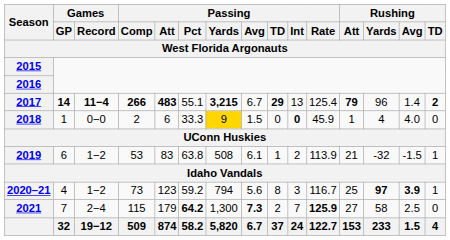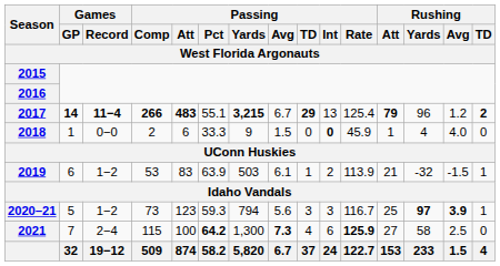 <table class="wikitable" style="text-align:center;">
 <tr>
 <th rowspan="2">Season</th>
 <th colspan="2">Games</th>
 <th colspan="8">Passing</th>
 <th colspan="4">Rushing</th>
 </tr>
 <tr>
 <th>GP</th>
 <th>Record</th>
 <th>Comp</th>
 <th>Att</th>
 <th>Pct</th>
 <th>Yards</th>
 <th>Avg</th>
 <th>TD</th>
 <th>Int</th>
 <th>Rate</th>
 <th>Att</th>
 <th>Yards</th>
 <th>Avg</th>
 <th>TD</th>
 </tr>
 <tr>
 <th colspan="16">West Florida Argonauts</th>
 </tr>
 <tr>
 <th><a href='#'>2015</a></th>
 <td colspan="14" rowspan="2"></td>
 </tr>
 <tr>
 <th><a href='#'>2016</a></th>
 </tr>
 <tr>
 <th><a href='#'>2017</a></th>
 <td><strong>14</strong></td>
 <td><strong>11−4</strong></td>
 <td><strong>266</strong></td>
 <td><strong>483</strong></td>
 <td>55.1</td>
 <td><strong>3,215</strong></td>
 <td>6.7</td>
 <td><strong>29</strong></td>
 <td>13</td>
 <td>125.4</td>
 <td><strong>79</strong></td>
 <td>96</td>
-<td>1.4</td>
+<td>1.2</td>
 <td><strong>2</strong></td>
 </tr>
 <tr>
 <th><a href='#'>2018</a></th>
 <td>1</td>
 <td>0−0</td>
 <td>2</td>
 <td>6</td>
 <td>33.3</td>
-<td style="background: gold;">9</td>
+<td>9</td>
 <td>1.5</td>
 <td>0</td>
 <td><strong>0</strong></td>
 <td>45.9</td>
 <td>1</td>
 <td>4</td>
 <td>4.0</td>
 <td>0</td>
 </tr>
 <tr>
 <th colspan="16">UConn Huskies</th>
 </tr>
 <tr>
 <th><a href='#'>2019</a></th>
 <td>6</td>
 <td>1−2</td>
 <td>53</td>
 <td>83</td>
-<td>63.8</td>
-<td>508</td>
+<td>63.9</td>
+<td>503</td>
 <td>6.1</td>
 <td>1</td>
 <td>2</td>
 <td>113.9</td>
 <td>21</td>
 <td>-32</td>
 <td>-1.5</td>
 <td>1</td>
 </tr>
 <tr>
 <th colspan="16">Idaho Vandals</th>
 </tr>
 <tr>
 <th><a href='#'>2020–21</a></th>
-<td>4</td>
+<td>5</td>
 <td>1−2</td>
 <td>73</td>
 <td>123</td>
-<td>59.2</td>
+<td>59.3</td>
 <td>794</td>
 <td>5.6</td>
-<td>8</td>
+<td>3</td>
 <td>3</td>
 <td>116.7</td>
 <td>25</td>
 <td><strong>97</strong></td>
 <td><strong>3.9</strong></td>
 <td>1</td>
 </tr>
 <tr>
 <th><a href='#'>2021</a></th>
 <td>7</td>
 <td>2−4</td>
 <td>115</td>
-<td>179</td>
+<td>100</td>
 <td><strong>64.2</strong></td>
 <td>1,300</td>
 <td><strong>7.3</strong></td>
-<td>2</td>
-<td>7</td>
+<td>4</td>
+<td>6</td>
 <td><strong>125.9</strong></td>
 <td>27</td>
 <td>58</td>
 <td>2.5</td>
 <td>0</td>
 </tr>
 <tr>
 <th></th>
 <th>32</th>
 <th>19−12</th>
 <th>509</th>
 <th>874</th>
 <th>58.2</th>
 <th>5,820</th>
 <th>6.7</th>
 <th>37</th>
 <th>24</th>
 <th>122.7</th>
 <th>153</th>
 <th>233</th>
 <th>1.5</th>
 <th>4</th>
 </tr>
 </table>
